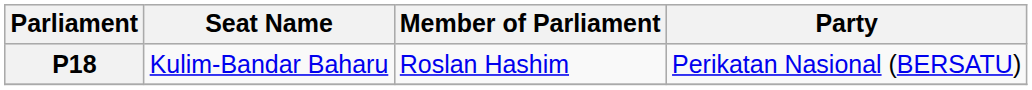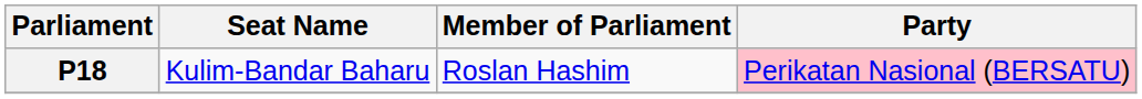 <table class="wikitable">
 <tr>
 <th align="center">Parliament</th>
 <th>Seat Name</th>
 <th>Member of Parliament</th>
 <th>Party</th>
 </tr>
 <tr>
 <th align="left">P18</th>
 <td><a href='#'>Kulim-Bandar Baharu</a></td>
 <td><a href='#'>Roslan Hashim</a></td>
-<td><a href='#'>Perikatan Nasional</a> (<a href='#'>BERSATU</a>)</td>
+<td style="background: pink;"><a href='#'>Perikatan Nasional</a> (<a href='#'>BERSATU</a>)</td>
 </tr>
 <tr>
 </tr>
 </table>
